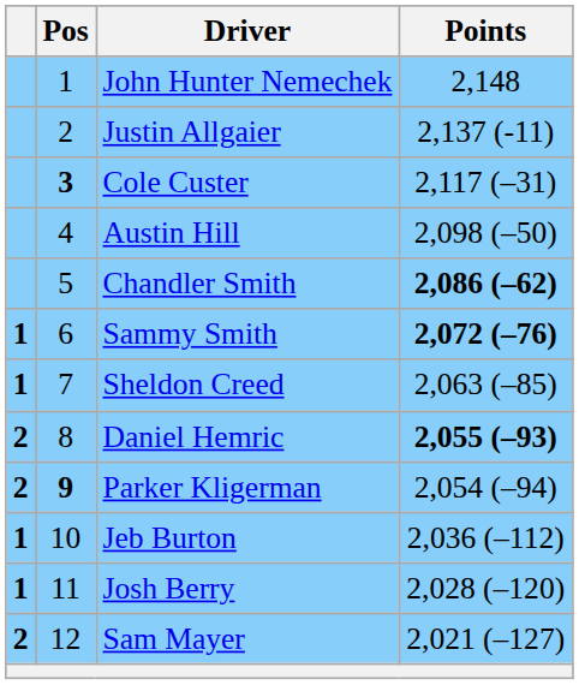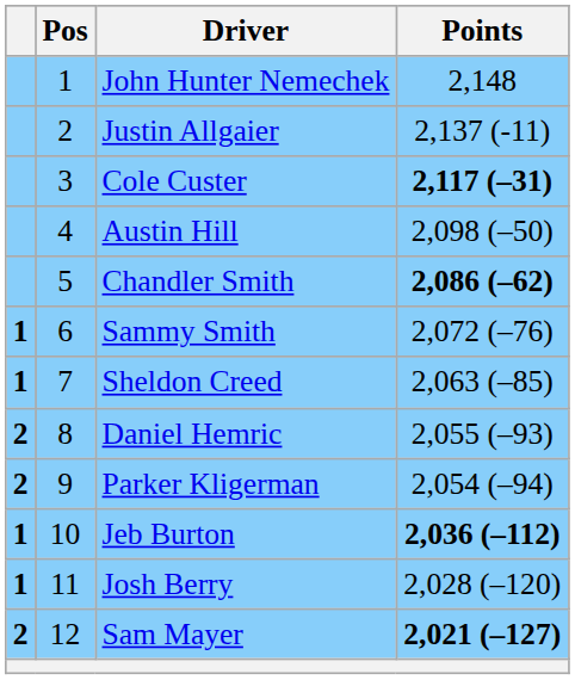 <table class="wikitable" style="font-size: 95%;">
 <tr>
 <th></th>
 <th>Pos</th>
 <th>Driver</th>
 <th>Points</th>
 </tr>
 <tr style="background:#87CEFA;">
 <td align="left"></td>
 <td style="text-align:center;">1</td>
 <td><a href='#'>John Hunter Nemechek</a></td>
 <td style="text-align:center;">2,148</td>
 </tr>
 <tr style="background:#87CEFA;">
 <td align="left"></td>
 <td style="text-align:center;">2</td>
 <td><a href='#'>Justin Allgaier</a></td>
 <td style="text-align:center;">2,137 (-11)</td>
 </tr>
 <tr style="background:#87CEFA;">
 <td align="left"></td>
-<td style="text-align:center;"><strong>3</strong></td>
+<td style="text-align:center;">3</td>
 <td><a href='#'>Cole Custer</a></td>
-<td style="text-align:center;">2,117 (–31)</td>
+<td style="text-align:center;"><strong>2,117 (–31)</strong></td>
 </tr>
 <tr style="background:#87CEFA;">
 <td align="left"></td>
 <td style="text-align:center;">4</td>
 <td><a href='#'>Austin Hill</a></td>
 <td style="text-align:center;">2,098 (–50)</td>
 </tr>
 <tr style="background:#87CEFA;">
 <td align="left"></td>
 <td style="text-align:center;">5</td>
 <td><a href='#'>Chandler Smith</a></td>
 <td style="text-align:center;"><strong>2,086 (–62)</strong></td>
 </tr>
 <tr style="background:#87CEFA;">
 <td align="left"> <strong>1</strong></td>
 <td style="text-align:center;">6</td>
 <td><a href='#'>Sammy Smith</a></td>
-<td style="text-align:center;"><strong>2,072 (–76)</strong></td>
+<td style="text-align:center;">2,072 (–76)</td>
 </tr>
 <tr style="background:#87CEFA;">
 <td align="left"> <strong>1</strong></td>
 <td style="text-align:center;">7</td>
 <td><a href='#'>Sheldon Creed</a></td>
 <td style="text-align:center;">2,063 (–85)</td>
 </tr>
 <tr style="background:#87CEFA;">
 <td align="left"> <strong>2</strong></td>
 <td style="text-align:center;">8</td>
 <td><a href='#'>Daniel Hemric</a></td>
-<td style="text-align:center;"><strong>2,055 (–93)</strong></td>
+<td style="text-align:center;">2,055 (–93)</td>
 </tr>
 <tr style="background:#87CEFA;">
 <td align="left"> <strong>2</strong></td>
-<td style="text-align:center;"><strong>9</strong></td>
+<td style="text-align:center;">9</td>
 <td><a href='#'>Parker Kligerman</a></td>
 <td style="text-align:center;">2,054 (–94)</td>
 </tr>
 <tr style="background:#87CEFA;">
 <td align="left"> <strong>1</strong></td>
 <td style="text-align:center;">10</td>
 <td><a href='#'>Jeb Burton</a></td>
-<td style="text-align:center;">2,036 (–112)</td>
+<td style="text-align:center;"><strong>2,036 (–112)</strong></td>
 </tr>
 <tr style="background:#87CEFA;">
 <td align="left"> <strong>1</strong></td>
 <td style="text-align:center;">11</td>
 <td><a href='#'>Josh Berry</a></td>
 <td style="text-align:center;">2,028 (–120)</td>
 </tr>
 <tr style="background:#87CEFA;">
 <td align="left"> <strong>2</strong></td>
 <td style="text-align:center;">12</td>
 <td><a href='#'>Sam Mayer</a></td>
-<td style="text-align:center;">2,021 (–127)</td>
+<td style="text-align:center;"><strong>2,021 (–127)</strong></td>
 </tr>
 <tr class="sortbottom">
 <th colspan="9"></th>
 </tr>
 </table>
